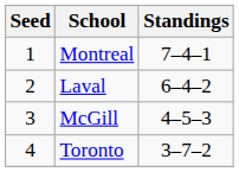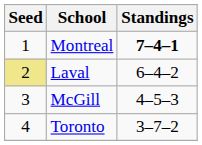 <table class="wikitable">
 <tr>
 <th>Seed</th>
 <th>School</th>
 <th>Standings</th>
 </tr>
 <tr>
 <td align=center>1</td>
 <td><a href='#'>Montreal</a></td>
-<td align=center>7–4–1</td>
+<td align=center><strong>7–4–1</strong></td>
 </tr>
 <tr>
-<td align=center>2</td>
+<td align=center style="background: khaki;">2</td>
 <td><a href='#'>Laval</a></td>
 <td align=center>6–4–2</td>
 </tr>
 <tr>
 <td align=center>3</td>
 <td><a href='#'>McGill</a></td>
 <td align=center>4–5–3</td>
 </tr>
 <tr>
 <td align=center>4</td>
 <td><a href='#'>Toronto</a></td>
 <td align=center>3–7–2</td>
 </tr>
 <tr>
 </tr>
 </table>
